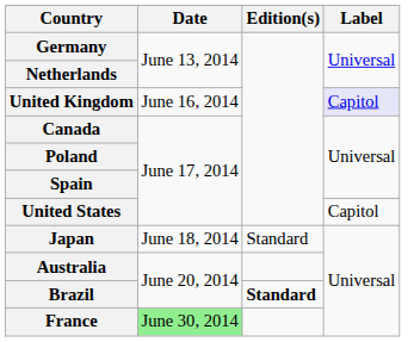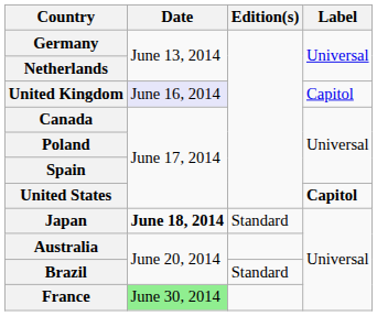 <table class="wikitable plainrowheaders">
 <tr>
 <th scope="col">Country</th>
 <th scope="col">Date</th>
 <th scope="col">Edition(s)</th>
 <th scope="col">Label</th>
 </tr>
 <tr>
 <th scope="row">Germany</th>
 <td rowspan="2">June 13, 2014</td>
 <td rowspan="7"></td>
 <td rowspan="2"><a href='#'>Universal</a></td>
 </tr>
 <tr>
 <th scope="row">Netherlands</th>
 </tr>
 <tr>
 <th scope="row">United Kingdom</th>
-<td>June 16, 2014</td>
-<td style="background: lavender;"><a href='#'>Capitol</a></td>
+<td style="background: lavender;">June 16, 2014</td>
+<td><a href='#'>Capitol</a></td>
 </tr>
 <tr>
 <th scope="row">Canada</th>
 <td rowspan="4">June 17, 2014</td>
 <td rowspan="3">Universal</td>
 </tr>
 <tr>
 <th scope="row">Poland</th>
 </tr>
 <tr>
 <th scope="row">Spain</th>
 </tr>
 <tr>
 <th scope="row">United States</th>
-<td>Capitol</td>
+<td><strong>Capitol</strong></td>
 </tr>
 <tr>
 <th scope="row">Japan</th>
-<td>June 18, 2014</td>
+<td><strong>June 18, 2014</strong></td>
 <td>Standard</td>
 <td rowspan="4">Universal</td>
 </tr>
 <tr>
 <th scope="row">Australia</th>
 <td rowspan="2">June 20, 2014</td>
 <td></td>
 </tr>
 <tr>
 <th scope="row">Brazil</th>
-<td><strong>Standard</strong></td>
+<td>Standard</td>
 </tr>
 <tr>
 <th scope="row">France</th>
 <td style="background: lightgreen;">June 30, 2014</td>
 <td></td>
 </tr>
 </table>
